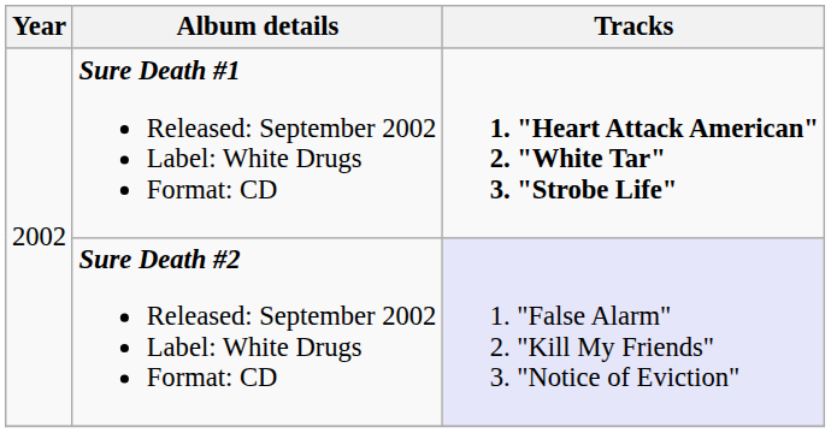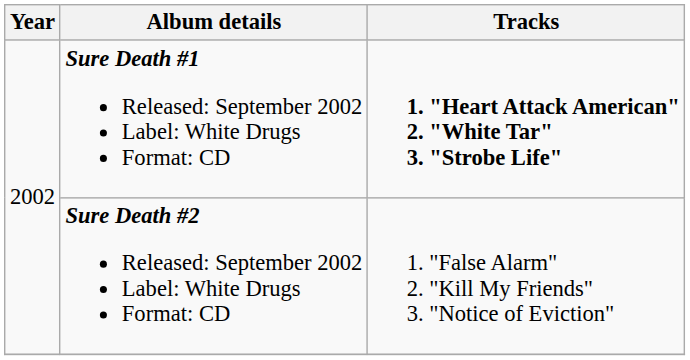 <table class ="wikitable">
 <tr>
 <th>Year</th>
 <th>Album details</th>
 <th>Tracks</th>
 </tr>
 <tr>
 <td rowspan="2" align="left">2002</td>
 <td><strong><em>Sure Death #1</em></strong><br><ul><li>Released: September 2002</li><li>Label: White Drugs</li><li>Format: CD</li></ul></td>
 <td><strong><br><ol><li>"Heart Attack American"</li><li>"White Tar"</li><li>"Strobe Life"</li></ol></strong></td>
 </tr>
 <tr>
 <td><strong><em>Sure Death #2</em></strong><br><ul><li>Released: September 2002</li><li>Label: White Drugs</li><li>Format: CD</li></ul></td>
-<td style="background: lavender;"><br><ol><li>"False Alarm"</li><li>"Kill My Friends"</li><li>"Notice of Eviction"</li></ol></td>
+<td><br><ol><li>"False Alarm"</li><li>"Kill My Friends"</li><li>"Notice of Eviction"</li></ol></td>
 </tr>
 <tr>
 </tr>
 </table>
